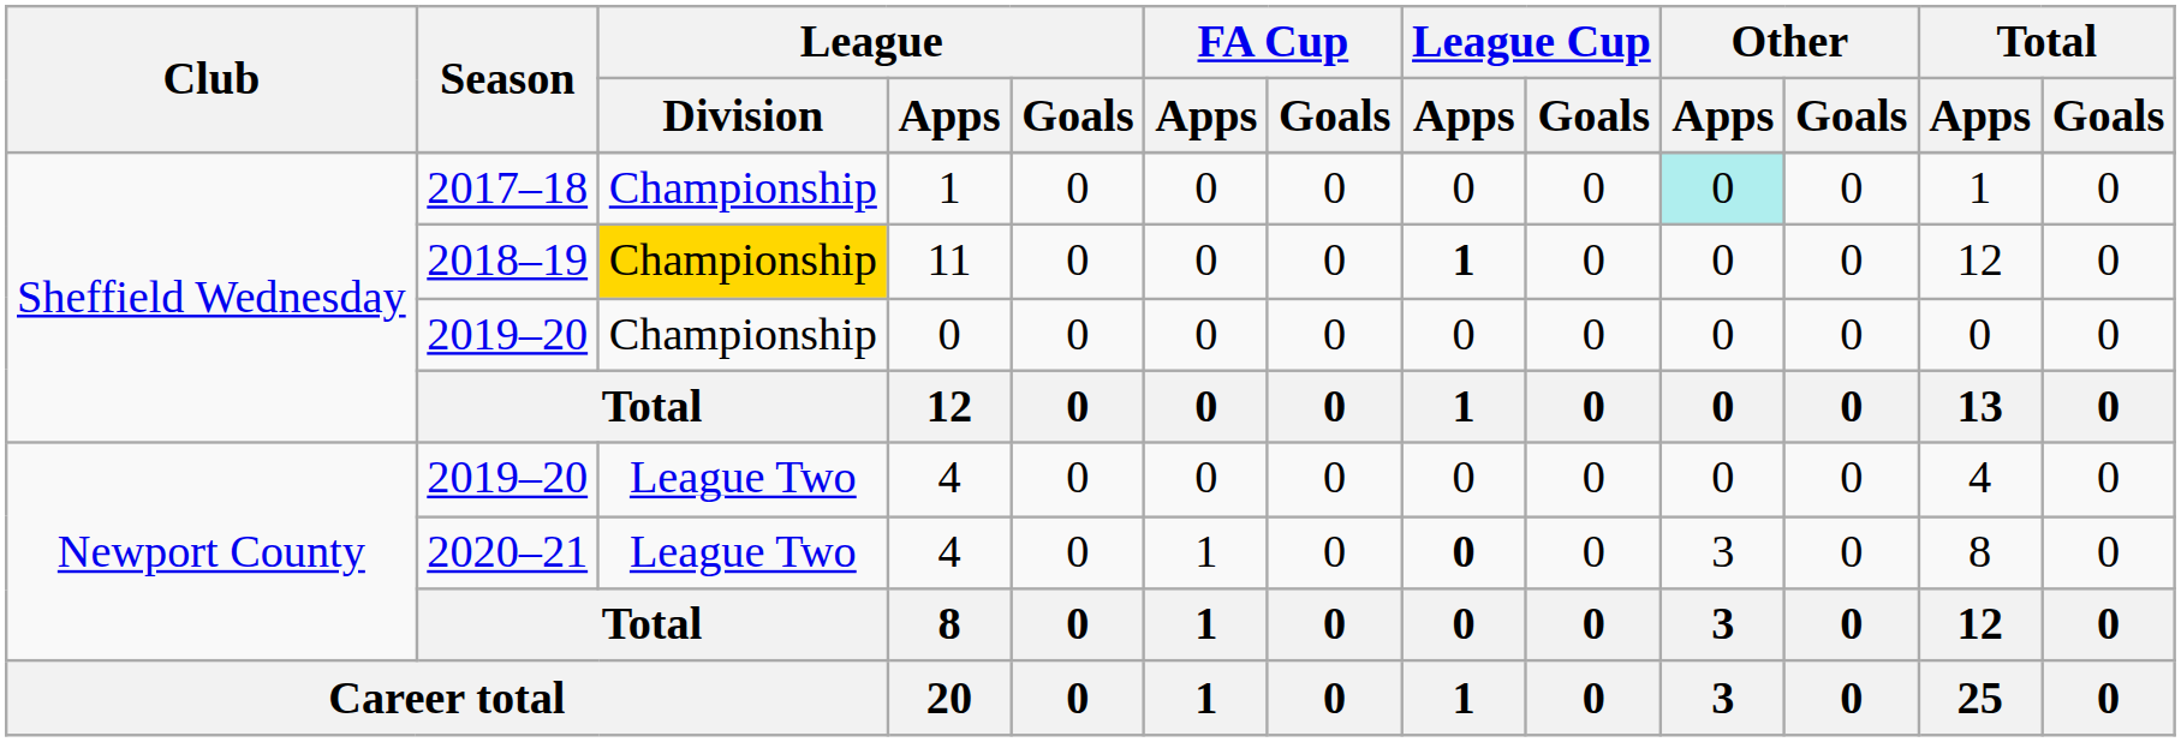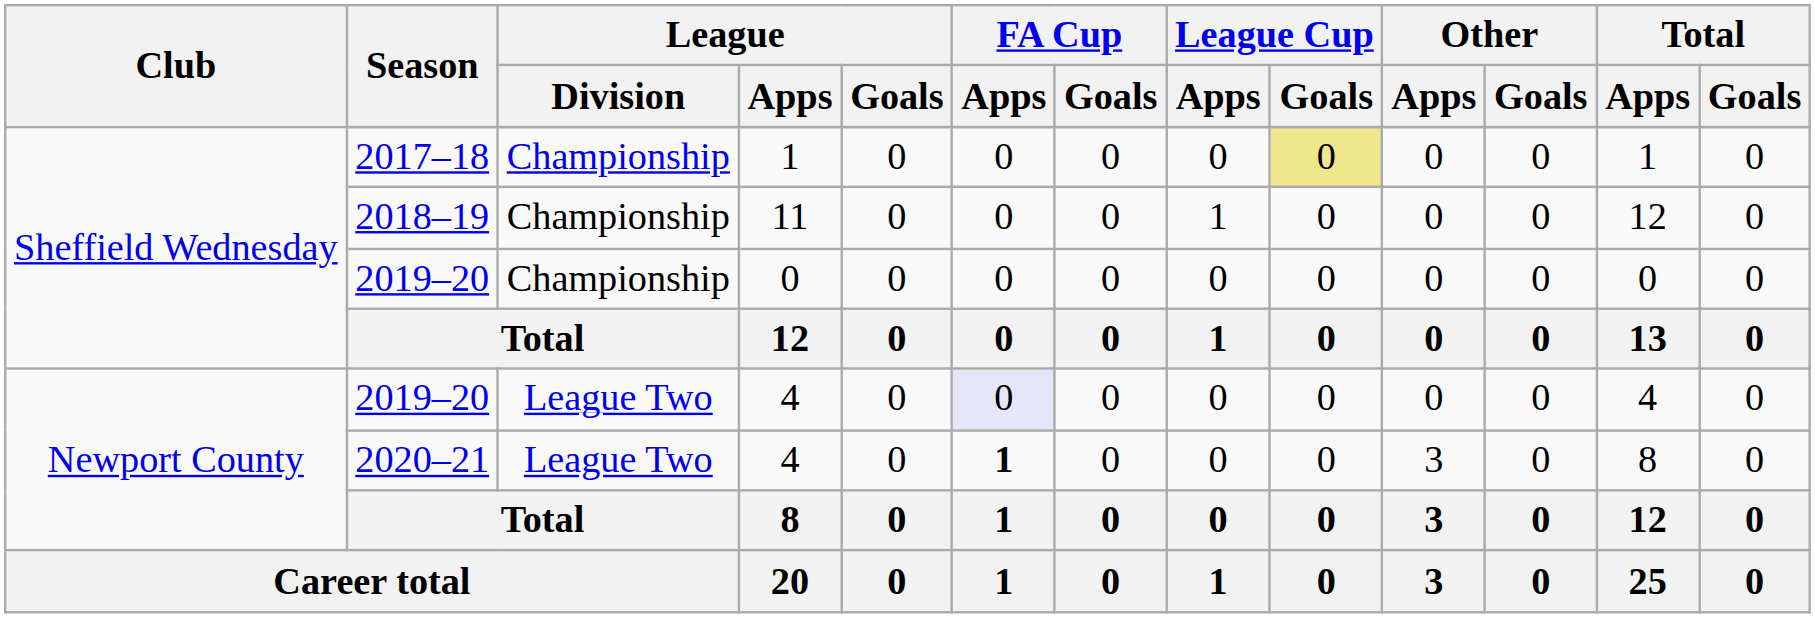 <table class="wikitable" style="text-align: center">
 <tr>
 <th rowspan="2">Club</th>
 <th rowspan="2">Season</th>
 <th colspan="3">League</th>
 <th colspan="2"><a href='#'>FA Cup</a></th>
 <th colspan="2"><a href='#'>League Cup</a></th>
 <th colspan="2">Other</th>
 <th colspan="2">Total</th>
 </tr>
 <tr>
 <th>Division</th>
 <th>Apps</th>
 <th>Goals</th>
 <th>Apps</th>
 <th>Goals</th>
 <th>Apps</th>
 <th>Goals</th>
 <th>Apps</th>
 <th>Goals</th>
 <th>Apps</th>
 <th>Goals</th>
 </tr>
 <tr>
 <td rowspan="5" align="center"><a href='#'>Sheffield Wednesday</a></td>
 </tr>
 <tr>
 <td><a href='#'>2017–18</a></td>
 <td><a href='#'>Championship</a></td>
 <td>1</td>
 <td>0</td>
 <td>0</td>
 <td>0</td>
 <td>0</td>
+<td style="background: khaki;">0</td>
 <td>0</td>
-<td style="background: paleturquoise;">0</td>
 <td>0</td>
 <td>1</td>
 <td>0</td>
 </tr>
 <tr>
 <td><a href='#'>2018–19</a></td>
-<td style="background: gold;">Championship</td>
+<td>Championship</td>
 <td>11</td>
 <td>0</td>
 <td>0</td>
 <td>0</td>
-<td><strong>1</strong></td>
+<td>1</td>
 <td>0</td>
 <td>0</td>
 <td>0</td>
 <td>12</td>
 <td>0</td>
 </tr>
 <tr>
 <td><a href='#'>2019–20</a></td>
 <td>Championship</td>
 <td>0</td>
 <td>0</td>
 <td>0</td>
 <td>0</td>
 <td>0</td>
 <td>0</td>
 <td>0</td>
 <td>0</td>
 <td>0</td>
 <td>0</td>
 </tr>
 <tr>
 <th colspan="2">Total</th>
 <th>12</th>
 <th>0</th>
 <th>0</th>
 <th>0</th>
 <th>1</th>
 <th>0</th>
 <th>0</th>
 <th>0</th>
 <th>13</th>
 <th>0</th>
 </tr>
 <tr>
 <td rowspan="3" align="center"><a href='#'>Newport County</a></td>
 <td><a href='#'>2019–20</a></td>
 <td><a href='#'>League Two</a></td>
 <td>4</td>
 <td>0</td>
-<td>0</td>
+<td style="background: lavender;">0</td>
 <td>0</td>
 <td>0</td>
 <td>0</td>
 <td>0</td>
 <td>0</td>
 <td>4</td>
 <td>0</td>
 </tr>
 <tr>
 <td><a href='#'>2020–21</a></td>
 <td><a href='#'>League Two</a></td>
 <td>4</td>
 <td>0</td>
-<td>1</td>
+<td><strong>1</strong></td>
 <td>0</td>
-<td><strong>0</strong></td>
+<td>0</td>
 <td>0</td>
 <td>3</td>
 <td>0</td>
 <td>8</td>
 <td>0</td>
 </tr>
 <tr>
 <th colspan="2">Total</th>
 <th>8</th>
 <th>0</th>
 <th>1</th>
 <th>0</th>
 <th>0</th>
 <th>0</th>
 <th>3</th>
 <th>0</th>
 <th>12</th>
 <th>0</th>
 </tr>
 <tr>
 <th colspan="3">Career total</th>
 <th>20</th>
 <th>0</th>
 <th>1</th>
 <th>0</th>
 <th>1</th>
 <th>0</th>
 <th>3</th>
 <th>0</th>
 <th>25</th>
 <th>0</th>
 </tr>
 </table>
